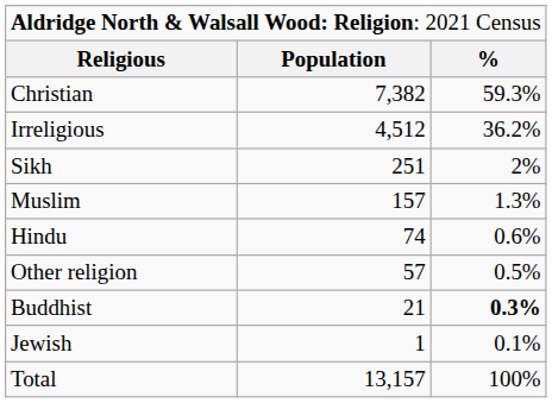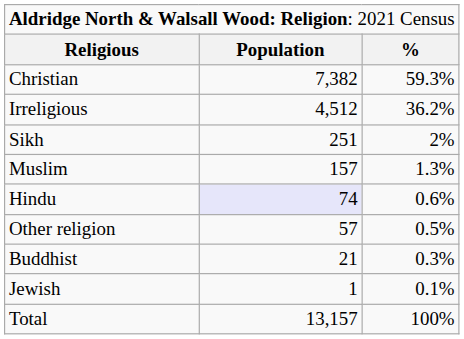 <table class="wikitable">
 <tr>
 <td colspan="14" style="text-align:right;"><strong>Aldridge North & Walsall Wood: Religion</strong>: 2021 Census</td>
 </tr>
 <tr>
 <th>Religious</th>
 <th>Population</th>
 <th>%</th>
 </tr>
 <tr>
 <td>Christian</td>
 <td style="text-align:right;">7,382</td>
 <td style="text-align:right;">59.3%</td>
 </tr>
 <tr>
 <td>Irreligious</td>
 <td style="text-align:right;">4,512</td>
 <td style="text-align:right;">36.2%</td>
 </tr>
 <tr>
 <td>Sikh</td>
 <td style="text-align:right;">251</td>
 <td style="text-align:right;">2%</td>
 </tr>
 <tr>
 <td>Muslim</td>
 <td style="text-align:right;">157</td>
 <td style="text-align:right;">1.3%</td>
 </tr>
 <tr>
 <td>Hindu</td>
-<td style="text-align:right;">74</td>
+<td style="background: lavender; text-align:right;">74</td>
 <td style="text-align:right;">0.6%</td>
 </tr>
 <tr>
 <td>Other religion</td>
 <td style="text-align:right;">57</td>
 <td style="text-align:right;">0.5%</td>
 </tr>
 <tr>
 <td>Buddhist</td>
 <td style="text-align:right;">21</td>
-<td style="text-align:right;"><strong>0.3%</strong></td>
+<td style="text-align:right;">0.3%</td>
 </tr>
 <tr>
 <td>Jewish</td>
 <td style="text-align:right;">1</td>
 <td style="text-align:right;">0.1%</td>
 </tr>
 <tr>
 <td>Total</td>
 <td style="text-align:right;">13,157</td>
 <td style="text-align:right;">100%</td>
 </tr>
 </table>
